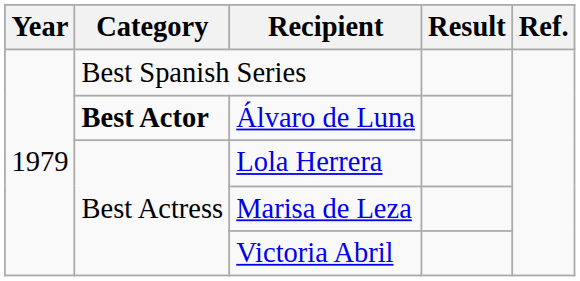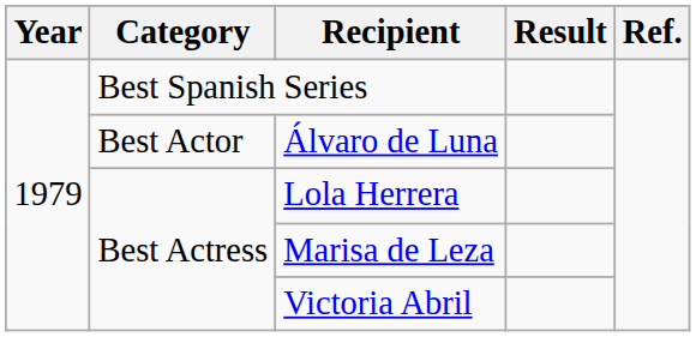 <table class = "wikitable sortable">
 <tr>
 <th>Year</th>
 <th>Category</th>
 <th>Recipient</th>
 <th>Result</th>
 <th>Ref.</th>
 </tr>
 <tr>
 <td rowspan=5>1979</td>
 <td colspan=2>Best Spanish Series</td>
 <td></td>
 <td rowspan=5></td>
 </tr>
 <tr>
-<td><strong>Best Actor</strong></td>
+<td>Best Actor</td>
 <td><a href='#'>Álvaro de Luna</a></td>
 <td></td>
 </tr>
 <tr>
 <td rowspan=3>Best Actress</td>
 <td><a href='#'>Lola Herrera</a></td>
 <td></td>
 </tr>
 <tr>
 <td><a href='#'>Marisa de Leza</a></td>
 <td></td>
 </tr>
 <tr>
 <td><a href='#'>Victoria Abril</a></td>
 <td></td>
 </tr>
 </table>
